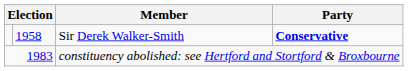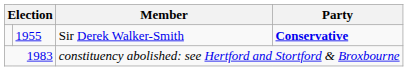 <table class="wikitable">
 <tr>
 <th colspan="2">Election</th>
 <th>Member</th>
 <th>Party</th>
 </tr>
 <tr>
 <td style="color:inherit;background-color: "></td>
-<td><a href='#'>1958</a></td>
+<td><a href='#'>1955</a></td>
 <td>Sir <a href='#'>Derek Walker-Smith</a></td>
 <td><strong><a href='#'>Conservative</a></strong></td>
 </tr>
 <tr>
 <td colspan="2" align="right"><a href='#'>1983</a></td>
 <td colspan="2"><em>constituency abolished: see <a href='#'>Hertford and Stortford</a> & <a href='#'>Broxbourne</a></em></td>
 </tr>
 </table>
